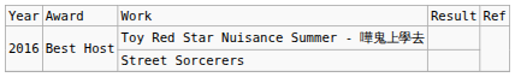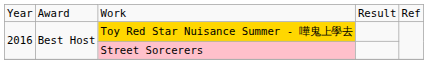 <table class="wikitable">
 <tr>
 <td>Year</td>
 <td>Award</td>
 <td>Work</td>
 <td>Result</td>
 <td>Ref</td>
 </tr>
 <tr>
 <td rowspan="2">2016</td>
 <td rowspan="2">Best Host</td>
-<td>Toy Red Star Nuisance Summer - 嘩鬼上學去</td>
+<td style="background: gold;">Toy Red Star Nuisance Summer - 嘩鬼上學去</td>
 <td></td>
 <td rowspan="2"></td>
 </tr>
 <tr>
-<td>Street Sorcerers</td>
+<td style="background: pink;">Street Sorcerers</td>
 <td></td>
 </tr>
 <tr>
 </tr>
 </table>
